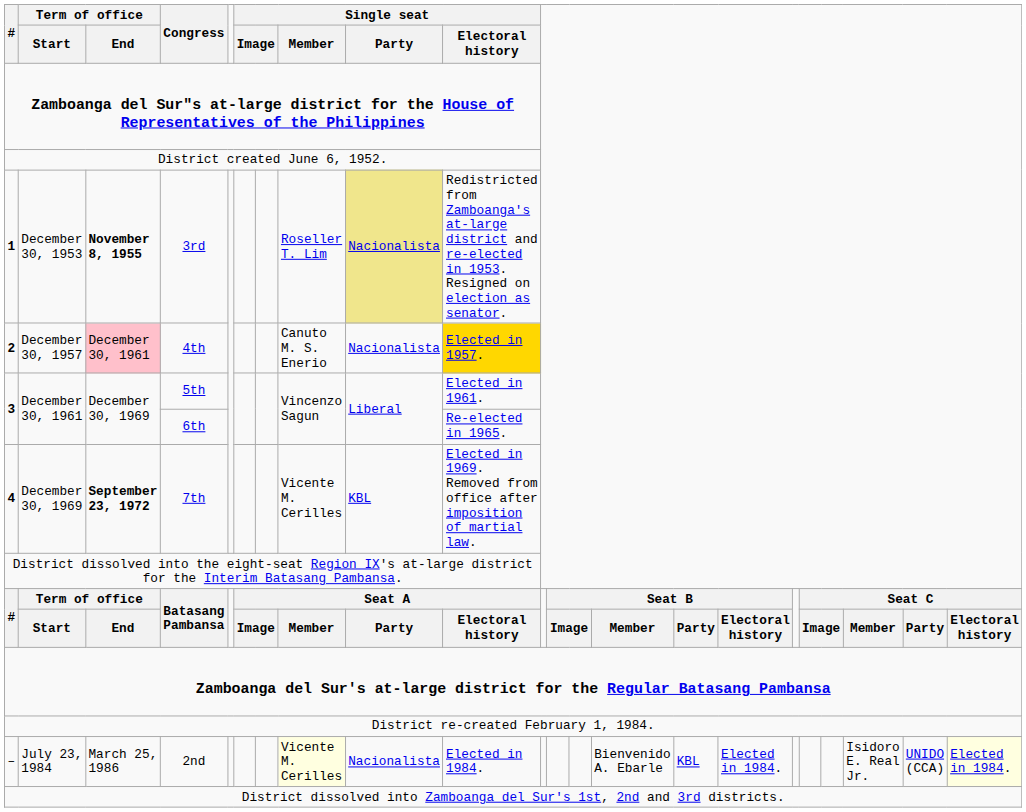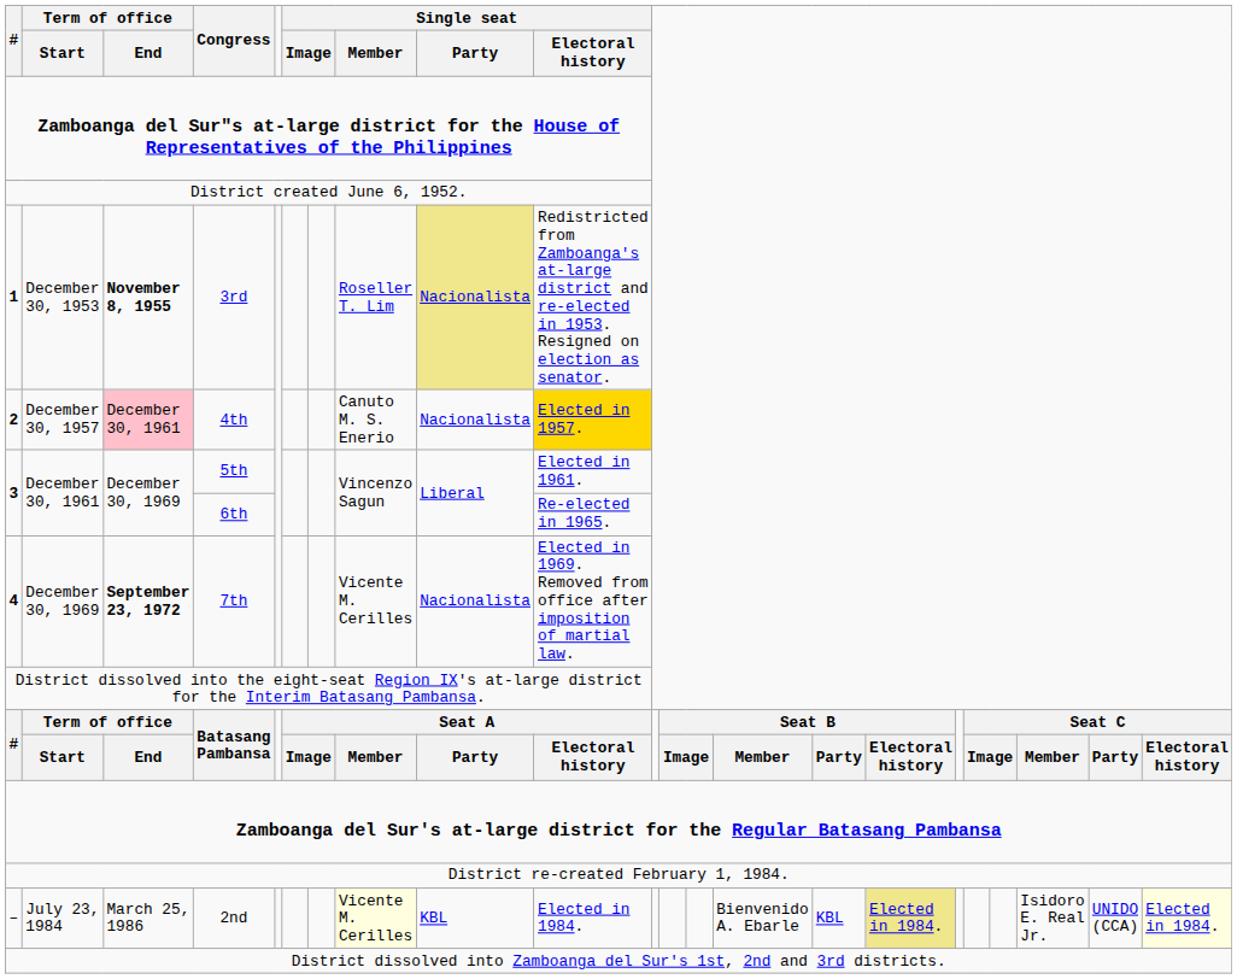 <table class=wikitable>
 <tr>
 <th rowspan=2>#</th>
 <th colspan=2>Term of office</th>
 <th rowspan=2>Congress</th>
 <td rowspan=2></td>
 <th colspan=5>Single seat</th>
 </tr>
 <tr style="height:3em">
 <th>Start</th>
 <th>End</th>
 <th colspan="2" style="text-align:center;">Image</th>
 <th>Member</th>
 <th>Party</th>
 <th>Electoral history</th>
 </tr>
 <tr>
 <td colspan="10" style="text-align:center;"><br><h3>Zamboanga del Sur"s at-large district for the <a href='#'>House of Representatives of the Philippines</a></h3></td>
 </tr>
 <tr>
 <td colspan="10" style="text-align:center;">District created June 6, 1952.</td>
 </tr>
 <tr>
 <td style="text-align:center;"><strong>1</strong></td>
 <td>December 30, 1953</td>
 <td><strong>November 8, 1955</strong></td>
 <td style="text-align:center;"><a href='#'>3rd</a></td>
 <td rowspan=5></td>
 <td style="color:inherit;background:"></td>
 <td></td>
 <td><a href='#'>Roseller T. Lim</a></td>
 <td style="background: khaki;"><a href='#'>Nacionalista</a></td>
 <td>Redistricted from <a href='#'>Zamboanga's at-large district</a> and <a href='#'>re-elected in 1953</a>.<br>Resigned on <a href='#'>election as senator</a>.</td>
 </tr>
 <tr>
 <td style="text-align:center;"><strong>2</strong></td>
 <td>December 30, 1957</td>
 <td style="background: pink;">December 30, 1961</td>
 <td style="text-align:center;"><a href='#'>4th</a></td>
 <td style="color:inherit;background:"></td>
 <td></td>
 <td>Canuto M. S. Enerio</td>
 <td><a href='#'>Nacionalista</a></td>
 <td style="background: gold;"><a href='#'>Elected in 1957</a>.</td>
 </tr>
 <tr>
 <td rowspan="2" style="text-align:center;"><strong>3</strong></td>
 <td rowspan="2">December 30, 1961</td>
 <td rowspan="2">December 30, 1969</td>
 <td style="text-align:center;"><a href='#'>5th</a></td>
 <td rowspan="2" style="color:inherit;background:"></td>
 <td rowspan="2"></td>
 <td rowspan="2">Vincenzo Sagun</td>
 <td rowspan="2"><a href='#'>Liberal</a></td>
 <td><a href='#'>Elected in 1961</a>.</td>
 </tr>
 <tr>
 <td style="text-align:center;"><a href='#'>6th</a></td>
 <td><a href='#'>Re-elected in 1965</a>.</td>
 </tr>
 <tr>
 <td style="text-align:center;"><strong>4</strong></td>
 <td>December 30, 1969</td>
 <td><strong>September 23, 1972</strong></td>
 <td style="text-align:center;"><a href='#'>7th</a></td>
 <td style="color:inherit;background:"></td>
 <td></td>
 <td>Vicente M. Cerilles</td>
-<td><a href='#'>KBL</a></td>
+<td><a href='#'>Nacionalista</a></td>
 <td><a href='#'>Elected in 1969</a>.<br>Removed from office after <a href='#'>imposition of martial law</a>.</td>
 </tr>
 <tr>
 <td colspan="10" style="text-align:center;">District dissolved into the eight-seat <a href='#'>Region IX</a>'s at-large district for the <a href='#'>Interim Batasang Pambansa</a>.</td>
 </tr>
 <tr>
 <th rowspan=2>#</th>
 <th colspan=2>Term of office</th>
 <th rowspan=2>Batasang<br>Pambansa</th>
 <td rowspan=2></td>
 <th colspan=5>Seat A</th>
 <td rowspan=2></td>
 <th colspan=5>Seat B</th>
 <td rowspan=2></td>
 <th colspan=5>Seat C</th>
 </tr>
 <tr style="height:3em">
 <th>Start</th>
 <th>End</th>
 <th colspan="2" style="text-align:center;">Image</th>
 <th>Member</th>
 <th>Party</th>
 <th>Electoral history</th>
 <th colspan="2" style="text-align:center;">Image</th>
 <th>Member</th>
 <th>Party</th>
 <th>Electoral history</th>
 <th colspan="2" style="text-align:center;">Image</th>
 <th>Member</th>
 <th>Party</th>
 <th>Electoral history</th>
 </tr>
 <tr>
 <td colspan="22" style="text-align:center;"><br><h3>Zamboanga del Sur's at-large district for the <a href='#'>Regular Batasang Pambansa</a></h3></td>
 </tr>
 <tr>
 <td colspan="22" style="text-align:center;">District re-created February 1, 1984.</td>
 </tr>
 <tr style="height:3em">
 <td style="text-align:center;">–</td>
 <td>July 23, 1984</td>
 <td>March 25, 1986</td>
 <td style="text-align:center;">2nd</td>
 <td></td>
 <td style="color:inherit;background:"></td>
 <td></td>
 <td style="background: lightyellow;">Vicente M. Cerilles</td>
-<td><a href='#'>Nacionalista</a></td>
+<td><a href='#'>KBL</a></td>
 <td><a href='#'>Elected in 1984</a>.</td>
 <td></td>
 <td style="color:inherit;background:"></td>
 <td></td>
 <td>Bienvenido A. Ebarle</td>
 <td><a href='#'>KBL</a></td>
-<td><a href='#'>Elected in 1984</a>.</td>
+<td style="background: khaki;"><a href='#'>Elected in 1984</a>.</td>
 <td></td>
 <td style="color:inherit;background:"></td>
 <td></td>
 <td>Isidoro E. Real Jr.</td>
 <td><a href='#'>UNIDO</a> (CCA)</td>
 <td style="background: lightyellow;"><a href='#'>Elected in 1984</a>.</td>
 </tr>
 <tr>
 <td colspan="22" style="text-align:center;">District dissolved into <a href='#'>Zamboanga del Sur's 1st</a>, <a href='#'>2nd</a> and <a href='#'>3rd</a> districts.</td>
 </tr>
 </table>
